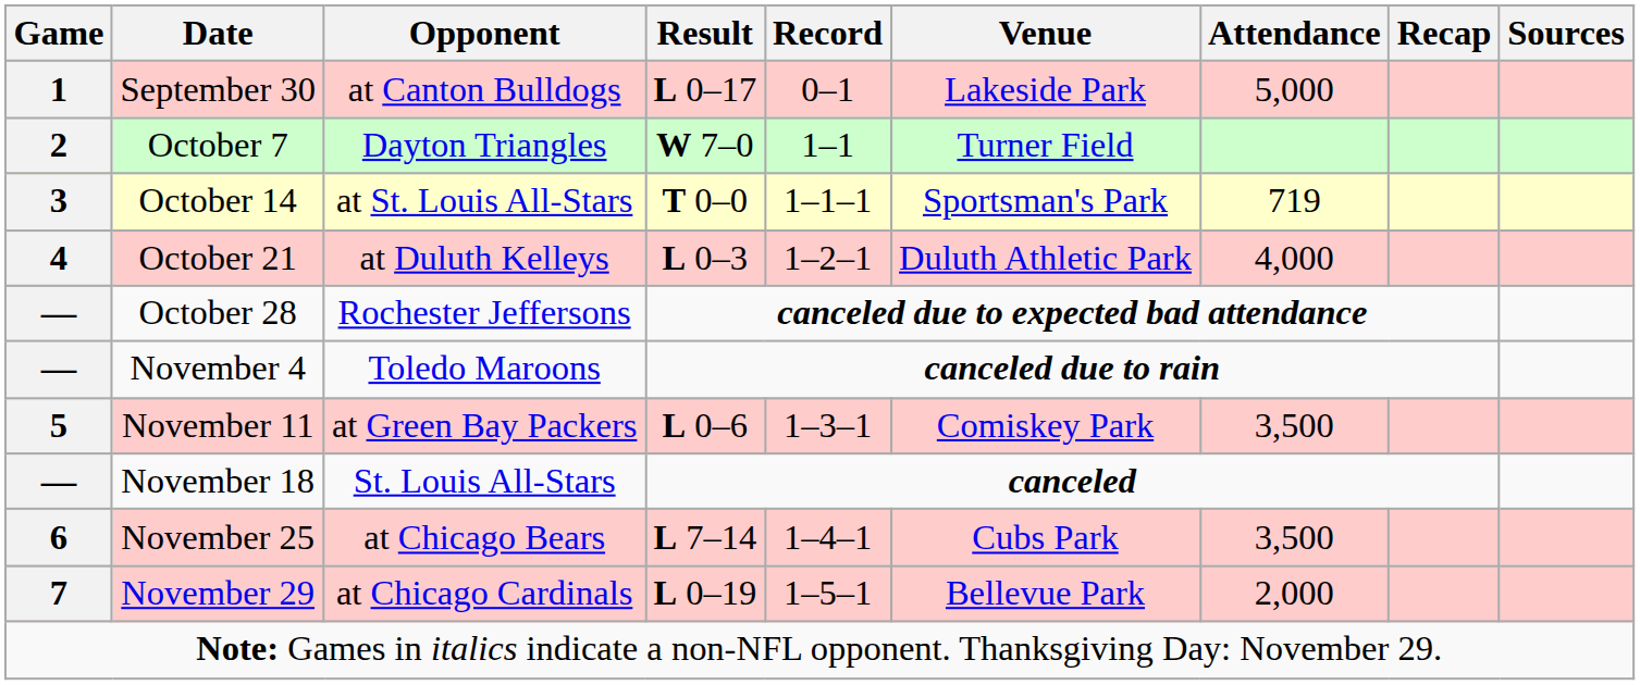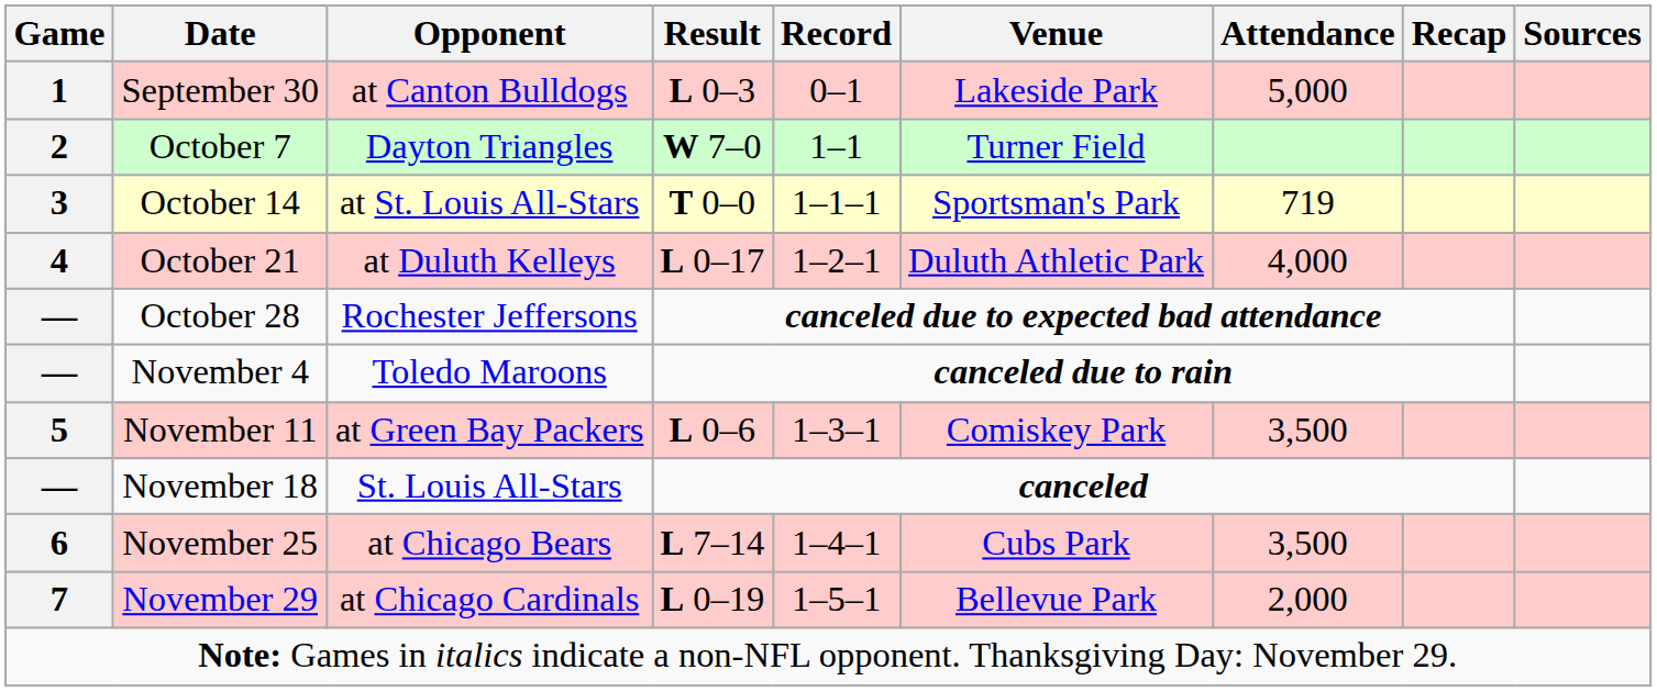 <table class="wikitable" style="text-align:center">
 <tr>
 <th>Game</th>
 <th>Date</th>
 <th>Opponent</th>
 <th>Result</th>
 <th>Record</th>
 <th>Venue</th>
 <th>Attendance</th>
 <th>Recap</th>
 <th>Sources</th>
 </tr>
 <tr style="background:#fcc">
 <th>1</th>
 <td>September 30</td>
 <td>at <a href='#'>Canton Bulldogs</a></td>
-<td><strong>L</strong> 0–17</td>
+<td><strong>L</strong> 0–3</td>
 <td>0–1</td>
 <td><a href='#'>Lakeside Park</a></td>
 <td>5,000</td>
 <td></td>
 <td></td>
 </tr>
 <tr style="background:#cfc">
 <th>2</th>
 <td>October 7</td>
 <td><a href='#'>Dayton Triangles</a></td>
 <td><strong>W</strong> 7–0</td>
 <td>1–1</td>
 <td><a href='#'>Turner Field</a></td>
 <td></td>
 <td></td>
 <td></td>
 </tr>
 <tr style="background:#ffc">
 <th>3</th>
 <td>October 14</td>
 <td>at <a href='#'>St. Louis All-Stars</a></td>
 <td><strong>T</strong> 0–0</td>
 <td>1–1–1</td>
 <td><a href='#'>Sportsman's Park</a></td>
 <td>719</td>
 <td></td>
 <td></td>
 </tr>
 <tr style="background:#fcc">
 <th>4</th>
 <td>October 21</td>
 <td>at <a href='#'>Duluth Kelleys</a></td>
-<td><strong>L</strong> 0–3</td>
+<td><strong>L</strong> 0–17</td>
 <td>1–2–1</td>
 <td><a href='#'>Duluth Athletic Park</a></td>
 <td>4,000</td>
 <td></td>
 <td></td>
 </tr>
 <tr>
 <th>—</th>
 <td>October 28</td>
 <td><a href='#'>Rochester Jeffersons</a></td>
 <td colspan="5"><strong><em>canceled due to expected bad attendance</em></strong></td>
 <td></td>
 </tr>
 <tr>
 <th>—</th>
 <td>November 4</td>
 <td><a href='#'>Toledo Maroons</a></td>
 <td colspan="5"><strong><em>canceled due to rain</em></strong></td>
 <td></td>
 </tr>
 <tr style="background:#fcc">
 <th>5</th>
 <td>November 11</td>
 <td>at <a href='#'>Green Bay Packers</a></td>
 <td><strong>L</strong> 0–6</td>
 <td>1–3–1</td>
 <td><a href='#'>Comiskey Park</a></td>
 <td>3,500</td>
 <td></td>
 <td></td>
 </tr>
 <tr>
 <th>—</th>
 <td>November 18</td>
 <td><a href='#'>St. Louis All-Stars</a></td>
 <td colspan="5"><strong><em>canceled</em></strong></td>
 <td></td>
 </tr>
 <tr style="background:#fcc">
 <th>6</th>
 <td>November 25</td>
 <td>at <a href='#'>Chicago Bears</a></td>
 <td><strong>L</strong> 7–14</td>
 <td>1–4–1</td>
 <td><a href='#'>Cubs Park</a></td>
 <td>3,500</td>
 <td></td>
 <td></td>
 </tr>
 <tr style="background:#fcc">
 <th>7</th>
 <td><a href='#'>November 29</a></td>
 <td>at <a href='#'>Chicago Cardinals</a></td>
 <td><strong>L</strong> 0–19</td>
 <td>1–5–1</td>
 <td><a href='#'>Bellevue Park</a></td>
 <td>2,000</td>
 <td></td>
 <td></td>
 </tr>
 <tr>
 <td colspan="10"><strong>Note:</strong> Games in <em>italics</em> indicate a non-NFL opponent. Thanksgiving Day: November 29.</td>
 </tr>
 </table>
